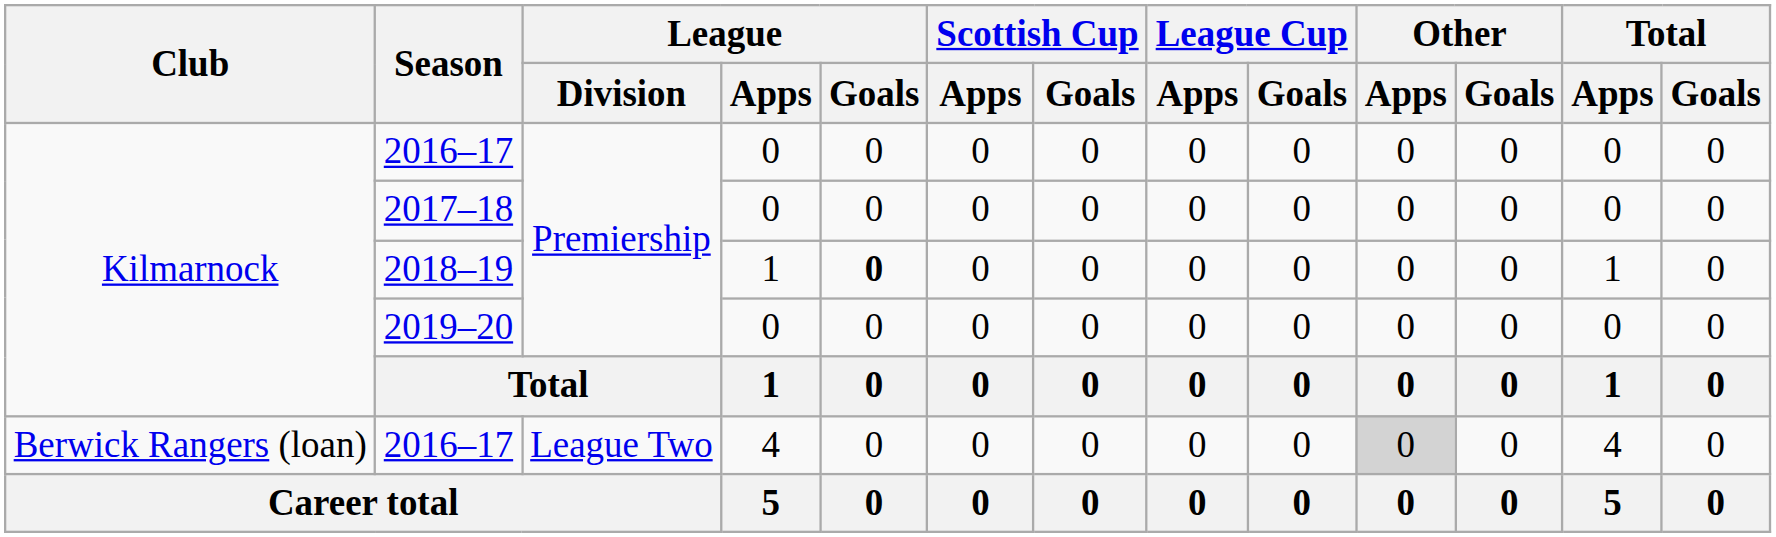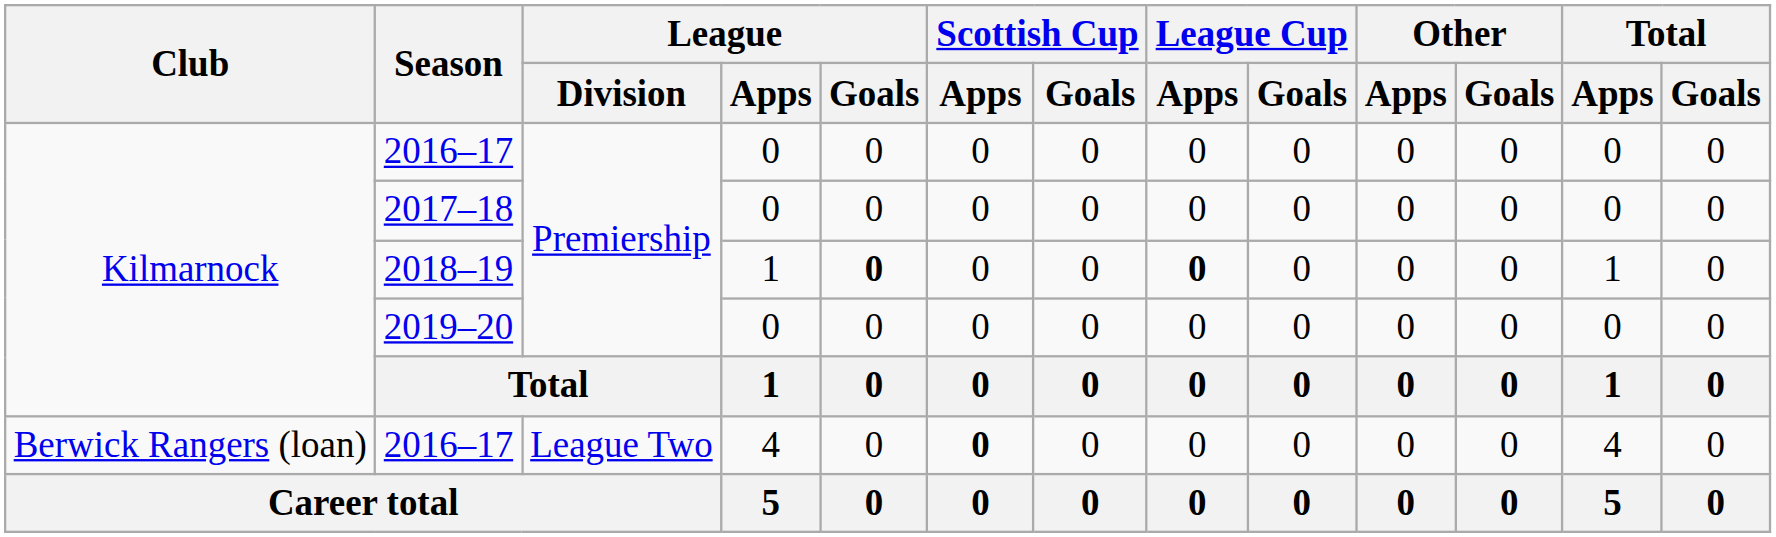 <table class="wikitable" style="text-align: center">
 <tr>
 <th rowspan="2">Club</th>
 <th rowspan="2">Season</th>
 <th colspan="3">League</th>
 <th colspan="2"><a href='#'>Scottish Cup</a></th>
 <th colspan="2"><a href='#'>League Cup</a></th>
 <th colspan="2">Other</th>
 <th colspan="2">Total</th>
 </tr>
 <tr>
 <th>Division</th>
 <th>Apps</th>
 <th>Goals</th>
 <th>Apps</th>
 <th>Goals</th>
 <th>Apps</th>
 <th>Goals</th>
 <th>Apps</th>
 <th>Goals</th>
 <th>Apps</th>
 <th>Goals</th>
 </tr>
 <tr>
 <td rowspan="5"><a href='#'>Kilmarnock</a></td>
 <td><a href='#'>2016–17</a></td>
 <td rowspan="4"><a href='#'>Premiership</a></td>
 <td>0</td>
 <td>0</td>
 <td>0</td>
 <td>0</td>
 <td>0</td>
 <td>0</td>
 <td>0</td>
 <td>0</td>
 <td>0</td>
 <td>0</td>
 </tr>
 <tr>
 <td><a href='#'>2017–18</a></td>
 <td>0</td>
 <td>0</td>
 <td>0</td>
 <td>0</td>
 <td>0</td>
 <td>0</td>
 <td>0</td>
 <td>0</td>
 <td>0</td>
 <td>0</td>
 </tr>
 <tr>
 <td><a href='#'>2018–19</a></td>
 <td>1</td>
 <td><strong>0</strong></td>
 <td>0</td>
 <td>0</td>
-<td>0</td>
+<td><strong>0</strong></td>
 <td>0</td>
 <td>0</td>
 <td>0</td>
 <td>1</td>
 <td>0</td>
 </tr>
 <tr>
 <td><a href='#'>2019–20</a></td>
 <td>0</td>
 <td>0</td>
 <td>0</td>
 <td>0</td>
 <td>0</td>
 <td>0</td>
 <td>0</td>
 <td>0</td>
 <td>0</td>
 <td>0</td>
 </tr>
 <tr>
 <th colspan=2>Total</th>
 <th>1</th>
 <th>0</th>
 <th>0</th>
 <th>0</th>
 <th>0</th>
 <th>0</th>
 <th>0</th>
 <th>0</th>
 <th>1</th>
 <th>0</th>
 </tr>
 <tr>
 <td><a href='#'>Berwick Rangers</a> (loan)</td>
 <td><a href='#'>2016–17</a></td>
 <td><a href='#'>League Two</a></td>
 <td>4</td>
 <td>0</td>
+<td><strong>0</strong></td>
 <td>0</td>
 <td>0</td>
 <td>0</td>
 <td>0</td>
-<td style="background: lightgrey;">0</td>
 <td>0</td>
 <td>4</td>
 <td>0</td>
 </tr>
 <tr>
 <th colspan=3>Career total</th>
 <th>5</th>
 <th>0</th>
 <th>0</th>
 <th>0</th>
 <th>0</th>
 <th>0</th>
 <th>0</th>
 <th>0</th>
 <th>5</th>
 <th>0</th>
 </tr>
 </table>
